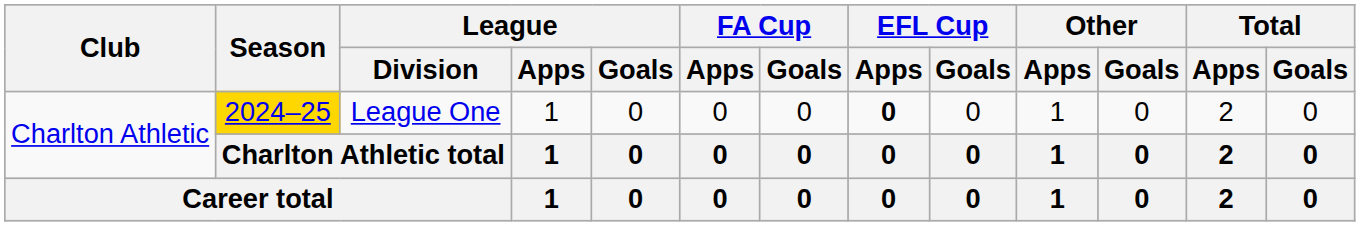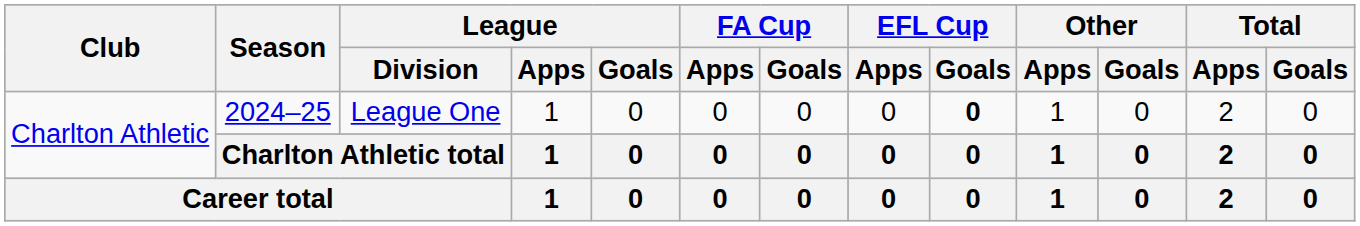 <table class="wikitable" style="text-align: center;">
 <tr>
 <th rowspan="2">Club</th>
 <th rowspan="2">Season</th>
 <th colspan="3">League</th>
 <th colspan="2"><a href='#'>FA Cup</a></th>
 <th colspan="2"><a href='#'>EFL Cup</a></th>
 <th colspan="2">Other</th>
 <th colspan="2">Total</th>
 </tr>
 <tr>
 <th>Division</th>
 <th>Apps</th>
 <th>Goals</th>
 <th>Apps</th>
 <th>Goals</th>
 <th>Apps</th>
 <th>Goals</th>
 <th>Apps</th>
 <th>Goals</th>
 <th>Apps</th>
 <th>Goals</th>
 </tr>
 <tr>
 <td rowspan="2"><a href='#'>Charlton Athletic</a></td>
-<td style="background: gold;"><a href='#'>2024–25</a></td>
+<td><a href='#'>2024–25</a></td>
 <td><a href='#'>League One</a></td>
 <td>1</td>
 <td>0</td>
 <td>0</td>
 <td>0</td>
+<td>0</td>
 <td><strong>0</strong></td>
-<td>0</td>
 <td>1</td>
 <td>0</td>
 <td>2</td>
 <td>0</td>
 </tr>
 <tr>
 <th colspan="2">Charlton Athletic total</th>
 <th>1</th>
 <th>0</th>
 <th>0</th>
 <th>0</th>
 <th>0</th>
 <th>0</th>
 <th>1</th>
 <th>0</th>
 <th>2</th>
 <th>0</th>
 </tr>
 <tr>
 <th colspan="3">Career total</th>
 <th>1</th>
 <th>0</th>
 <th>0</th>
 <th>0</th>
 <th>0</th>
 <th>0</th>
 <th>1</th>
 <th>0</th>
 <th>2</th>
 <th>0</th>
 </tr>
 </table>
